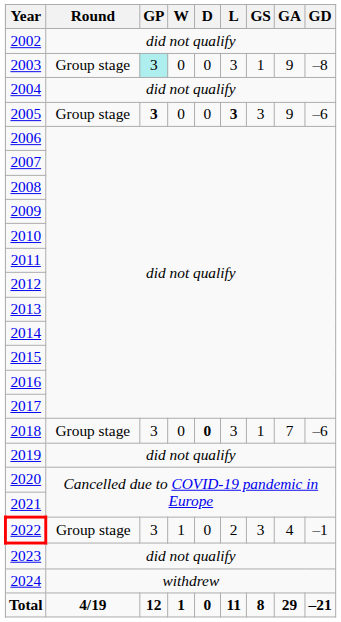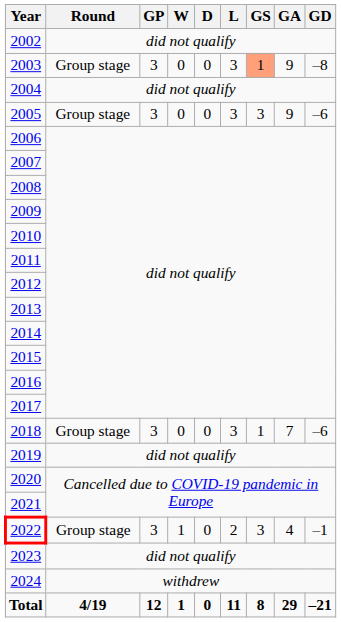 <table class="wikitable" style="text-align: center;">
 <tr>
 <th>Year</th>
 <th width="90">Round</th>
 <th width="20">GP</th>
 <th width="20">W</th>
 <th width="20">D</th>
 <th width="20">L</th>
 <th width="20">GS</th>
 <th width="20">GA</th>
 <th width="25">GD</th>
 </tr>
 <tr>
 <td> <a href='#'>2002</a></td>
 <td colspan=8><em>did not qualify</em></td>
 </tr>
 <tr>
 <td> <a href='#'>2003</a></td>
 <td>Group stage</td>
-<td style="background: paleturquoise;">3</td>
+<td>3</td>
 <td>0</td>
 <td>0</td>
 <td>3</td>
-<td>1</td>
+<td style="background: lightsalmon;">1</td>
 <td>9</td>
 <td>–8</td>
 </tr>
 <tr>
 <td> <a href='#'>2004</a></td>
 <td colspan=8><em>did not qualify</em></td>
 </tr>
 <tr>
 <td> <a href='#'>2005</a></td>
 <td>Group stage</td>
-<td><strong>3</strong></td>
+<td>3</td>
 <td>0</td>
 <td>0</td>
-<td><strong>3</strong></td>
+<td>3</td>
 <td>3</td>
 <td>9</td>
 <td>–6</td>
 </tr>
 <tr>
 <td> <a href='#'>2006</a></td>
 <td rowspan=12 colspan=8><em>did not qualify</em></td>
 </tr>
 <tr>
 <td> <a href='#'>2007</a></td>
 </tr>
 <tr>
 <td> <a href='#'>2008</a></td>
 </tr>
 <tr>
 <td> <a href='#'>2009</a></td>
 </tr>
 <tr>
 <td> <a href='#'>2010</a></td>
 </tr>
 <tr>
 <td> <a href='#'>2011</a></td>
 </tr>
 <tr>
 <td> <a href='#'>2012</a></td>
 </tr>
 <tr>
 <td> <a href='#'>2013</a></td>
 </tr>
 <tr>
 <td> <a href='#'>2014</a></td>
 </tr>
 <tr>
 <td> <a href='#'>2015</a></td>
 </tr>
 <tr>
 <td> <a href='#'>2016</a></td>
 </tr>
 <tr>
 <td> <a href='#'>2017</a></td>
 </tr>
 <tr>
 <td> <a href='#'>2018</a></td>
 <td>Group stage</td>
 <td>3</td>
 <td>0</td>
-<td><strong>0</strong></td>
+<td>0</td>
 <td>3</td>
 <td>1</td>
 <td>7</td>
 <td>–6</td>
 </tr>
 <tr>
 <td> <a href='#'>2019</a></td>
 <td colspan=8><em>did not qualify</em></td>
 </tr>
 <tr>
 <td> <a href='#'>2020</a></td>
 <td rowspan=2 colspan=8><em>Cancelled due to <a href='#'>COVID-19 pandemic in Europe</a></em></td>
 </tr>
 <tr>
 <td> <a href='#'>2021</a></td>
 </tr>
 <tr>
 <td style="border: 3px solid red"> <a href='#'>2022</a></td>
 <td rowspan=1>Group stage</td>
 <td>3</td>
 <td>1</td>
 <td>0</td>
 <td>2</td>
 <td>3</td>
 <td>4</td>
 <td>–1</td>
 </tr>
 <tr>
 <td> <a href='#'>2023</a></td>
 <td colspan=8><em>did not qualify</em></td>
 </tr>
 <tr>
 <td> <a href='#'>2024</a></td>
 <td colspan=8><em>withdrew</em></td>
 </tr>
 <tr>
 <td><strong>Total</strong></td>
 <td><strong>4/19</strong></td>
 <td><strong>12</strong></td>
 <td><strong>1</strong></td>
 <td><strong>0</strong></td>
 <td><strong>11</strong></td>
 <td><strong>8</strong></td>
 <td><strong>29</strong></td>
 <td><strong>–21</strong></td>
 </tr>
 </table>
